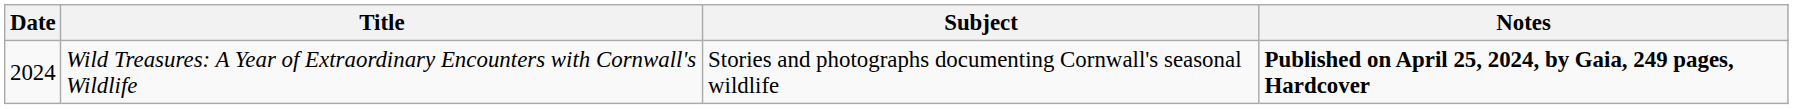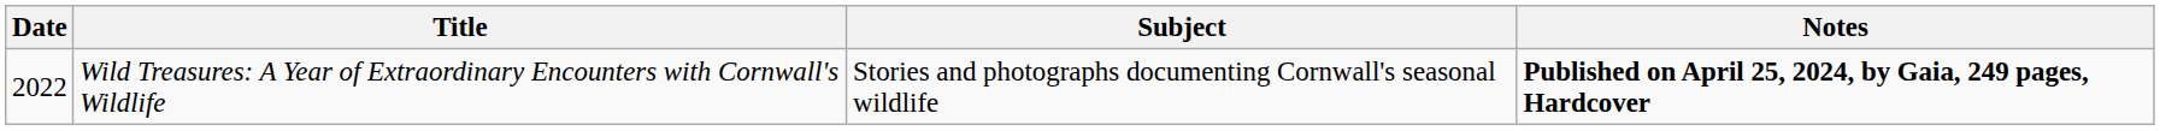 <table class="wikitable sortable">
 <tr>
 <th>Date</th>
 <th>Title</th>
 <th>Subject</th>
 <th scope="col" class="unsortable">Notes</th>
 </tr>
 <tr>
-<td>2024</td>
+<td>2022</td>
 <td><em>Wild Treasures: A Year of Extraordinary Encounters with Cornwall's Wildlife</em></td>
 <td>Stories and photographs documenting Cornwall's seasonal wildlife</td>
 <td><strong>Published on April 25, 2024, by Gaia, 249 pages, Hardcover</strong></td>
 </tr>
 </table>
